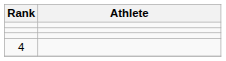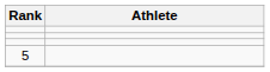 <table class="wikitable" style="text-align: center;">
 <tr>
 <th width=40>Rank</th>
 <th width=250>Athlete</th>
 </tr>
 <tr>
 <td></td>
 <td align="left"></td>
 </tr>
 <tr>
 <td></td>
 <td align="left"></td>
 </tr>
 <tr>
 <td></td>
 <td align="left"></td>
 </tr>
 <tr>
-<td>4</td>
+<td>5</td>
 <td align="left"></td>
 </tr>
 <tr>
 </tr>
 </table>
